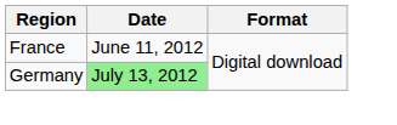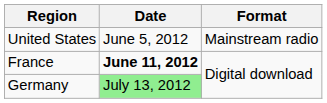 <table class="wikitable">
 <tr>
 <th>Region</th>
 <th>Date</th>
 <th>Format</th>
 </tr>
 <tr>
+<td>United States</td>
+<td>June 5, 2012</td>
+<td>Mainstream radio</td>
+</tr>
+<tr>
 <td>France</td>
-<td>June 11, 2012</td>
+<td><strong>June 11, 2012</strong></td>
 <td rowspan="2">Digital download</td>
 </tr>
 <tr>
 <td>Germany</td>
 <td style="background: lightgreen;">July 13, 2012</td>
 </tr>
 </table>
